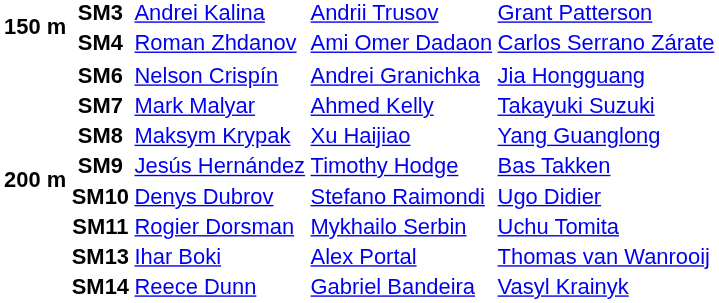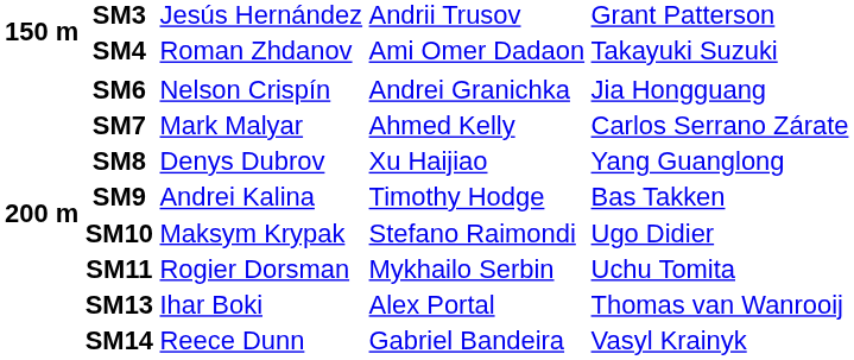 <table>
 <tr>
 <th rowspan="3">150 m</th>
 </tr>
 <tr>
 <th>SM3</th>
-<td> <a href='#'>Andrei Kalina</a></td>
+<td> <a href='#'>Jesús Hernández</a></td>
 <td> <a href='#'>Andrii Trusov</a></td>
 <td> <a href='#'>Grant Patterson</a></td>
 </tr>
 <tr>
 <th>SM4</th>
 <td> <a href='#'>Roman Zhdanov</a></td>
 <td> <a href='#'>Ami Omer Dadaon</a></td>
-<td> <a href='#'>Carlos Serrano Zárate</a></td>
+<td> <a href='#'>Takayuki Suzuki</a></td>
 </tr>
 <tr>
 <th rowspan="9">200 m</th>
 </tr>
 <tr>
 <th>SM6</th>
 <td> <a href='#'>Nelson Crispín</a></td>
 <td> <a href='#'>Andrei Granichka</a></td>
 <td> <a href='#'>Jia Hongguang</a></td>
 </tr>
 <tr>
 <th>SM7</th>
 <td> <a href='#'>Mark Malyar</a></td>
 <td> <a href='#'>Ahmed Kelly</a></td>
-<td> <a href='#'>Takayuki Suzuki</a></td>
+<td> <a href='#'>Carlos Serrano Zárate</a></td>
 </tr>
 <tr>
 <th>SM8</th>
-<td> <a href='#'>Maksym Krypak</a></td>
+<td> <a href='#'>Denys Dubrov</a></td>
 <td> <a href='#'>Xu Haijiao</a></td>
 <td> <a href='#'>Yang Guanglong</a></td>
 </tr>
 <tr>
 <th>SM9</th>
-<td> <a href='#'>Jesús Hernández</a></td>
+<td> <a href='#'>Andrei Kalina</a></td>
 <td> <a href='#'>Timothy Hodge</a></td>
 <td> <a href='#'>Bas Takken</a></td>
 </tr>
 <tr>
 <th>SM10</th>
-<td> <a href='#'>Denys Dubrov</a></td>
+<td> <a href='#'>Maksym Krypak</a></td>
 <td> <a href='#'>Stefano Raimondi</a></td>
 <td> <a href='#'>Ugo Didier</a></td>
 </tr>
 <tr>
 <th>SM11</th>
 <td> <a href='#'>Rogier Dorsman</a></td>
 <td> <a href='#'>Mykhailo Serbin</a></td>
 <td> <a href='#'>Uchu Tomita</a></td>
 </tr>
 <tr>
 <th>SM13</th>
 <td> <a href='#'>Ihar Boki</a></td>
 <td> <a href='#'>Alex Portal</a></td>
 <td> <a href='#'>Thomas van Wanrooij</a></td>
 </tr>
 <tr>
 <th>SM14</th>
 <td> <a href='#'>Reece Dunn</a></td>
 <td> <a href='#'>Gabriel Bandeira</a></td>
 <td> <a href='#'>Vasyl Krainyk</a></td>
 </tr>
 </table>
